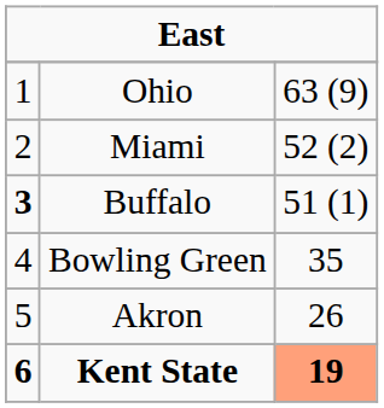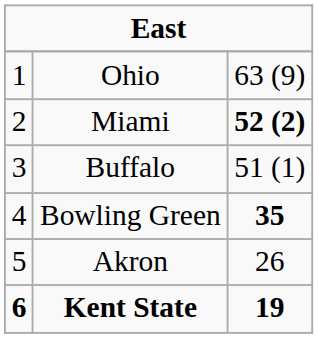 <table class="wikitable" style="display: inline-table;">
 <tr align="center">
 <td align="center" Colspan="3"><strong>East</strong></td>
 </tr>
 <tr align="center">
 </tr>
 <tr align="center">
 <td>1</td>
 <td>Ohio</td>
 <td>63 (9)</td>
 </tr>
 <tr align="center">
 <td>2</td>
 <td>Miami</td>
-<td>52 (2)</td>
+<td><strong>52 (2)</strong></td>
 </tr>
 <tr align="center">
-<td><strong>3</strong></td>
+<td>3</td>
 <td>Buffalo</td>
 <td>51 (1)</td>
 </tr>
 <tr align="center">
 <td>4</td>
 <td>Bowling Green</td>
-<td>35</td>
+<td><strong>35</strong></td>
 </tr>
 <tr align="center">
 <td>5</td>
 <td>Akron</td>
 <td>26</td>
 </tr>
 <tr align="center">
 <td><strong>6</strong></td>
 <td><strong>Kent State</strong></td>
-<td style="background: lightsalmon;"><strong>19</strong></td>
+<td><strong>19</strong></td>
 </tr>
 </table>
